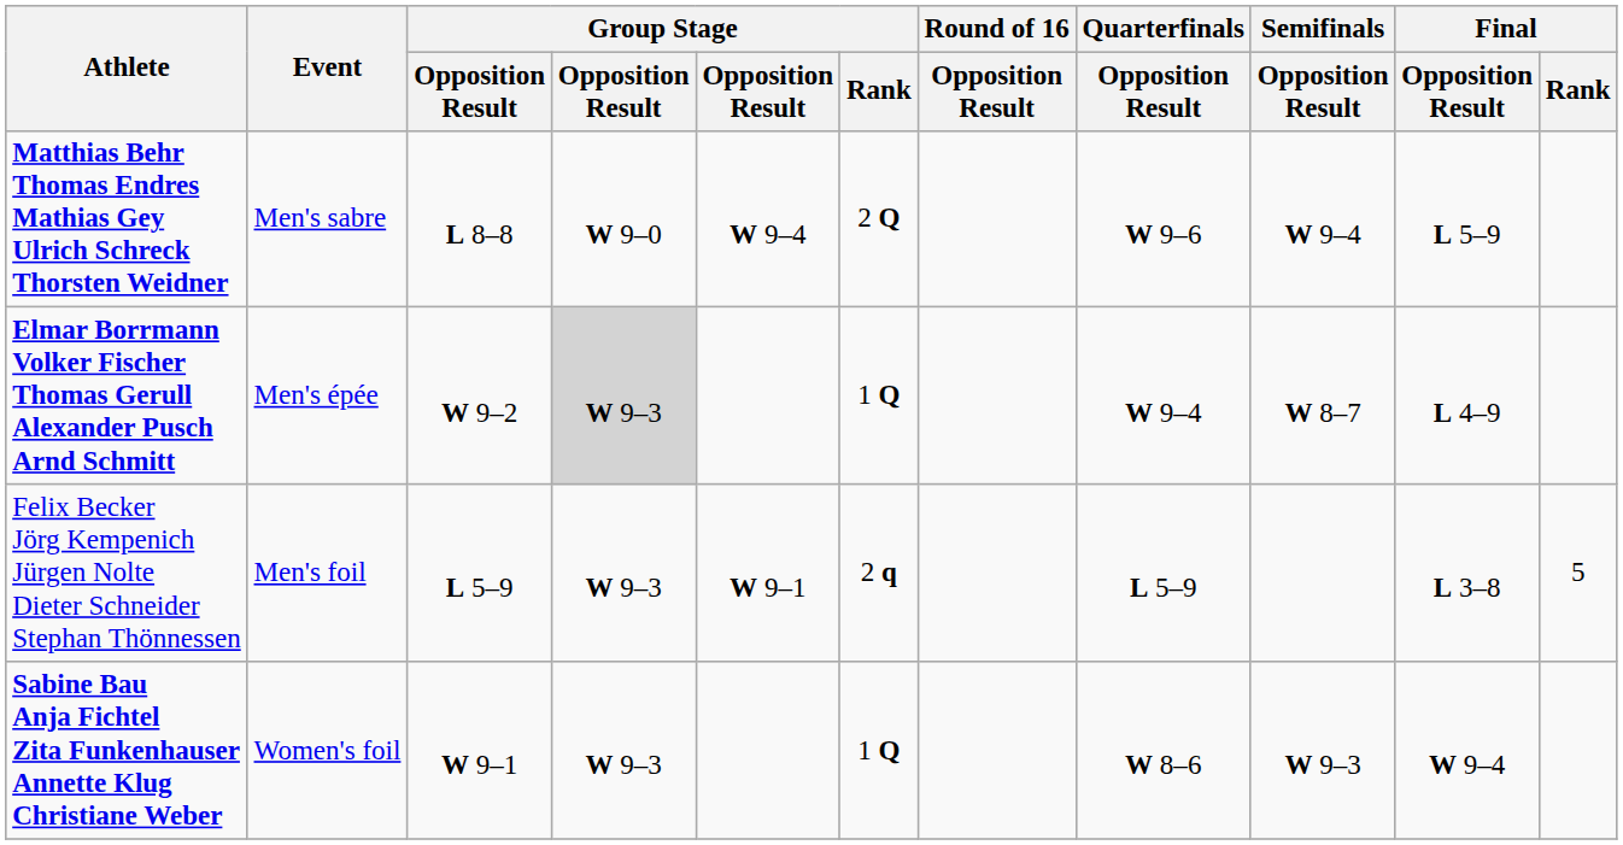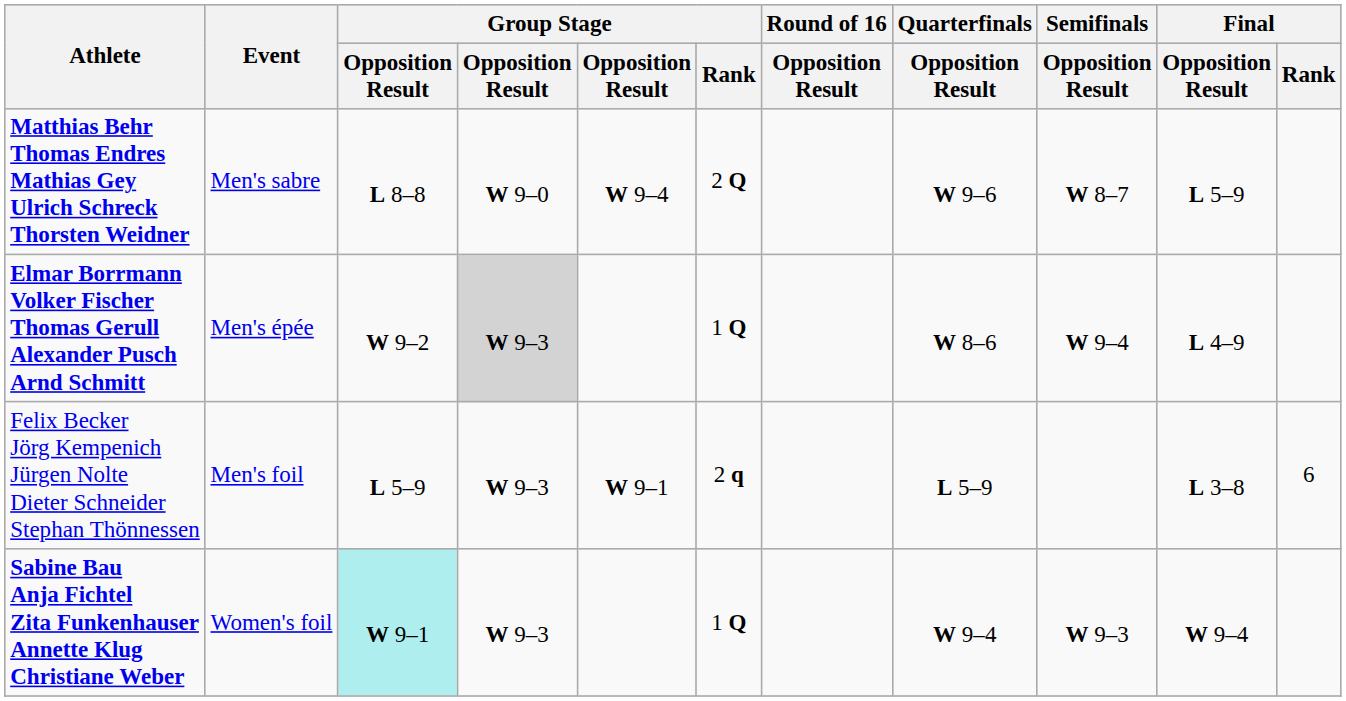 <table class=wikitable style="font-size:90%">
 <tr>
 <th rowspan="2">Athlete</th>
 <th rowspan="2">Event</th>
 <th colspan="4">Group Stage</th>
 <th>Round of 16</th>
 <th>Quarterfinals</th>
 <th>Semifinals</th>
 <th colspan="2">Final</th>
 </tr>
 <tr>
 <th>Opposition<br>Result</th>
 <th>Opposition<br>Result</th>
 <th>Opposition<br>Result</th>
 <th>Rank</th>
 <th>Opposition<br>Result</th>
 <th>Opposition<br>Result</th>
 <th>Opposition<br>Result</th>
 <th>Opposition<br>Result</th>
 <th>Rank</th>
 </tr>
 <tr align=center>
 <td align=left><strong><a href='#'>Matthias Behr</a><br><a href='#'>Thomas Endres</a><br><a href='#'>Mathias Gey</a><br><a href='#'>Ulrich Schreck</a><br><a href='#'>Thorsten Weidner</a></strong></td>
 <td align=left><a href='#'>Men's sabre</a></td>
 <td><br><strong>L</strong> 8–8</td>
 <td><br><strong>W</strong> 9–0</td>
 <td><br><strong>W</strong> 9–4</td>
 <td>2 <strong>Q</strong></td>
 <td></td>
 <td><br><strong>W</strong> 9–6</td>
-<td><br><strong>W</strong> 9–4</td>
+<td><br><strong>W</strong> 8–7</td>
 <td><br><strong>L</strong> 5–9</td>
 <td></td>
 </tr>
 <tr align=center>
 <td align=left><strong><a href='#'>Elmar Borrmann</a><br><a href='#'>Volker Fischer</a><br><a href='#'>Thomas Gerull</a><br><a href='#'>Alexander Pusch</a><br><a href='#'>Arnd Schmitt</a></strong></td>
 <td align=left><a href='#'>Men's épée</a></td>
 <td><br><strong>W</strong> 9–2</td>
 <td style="background: lightgrey;"><br><strong>W</strong> 9–3</td>
 <td></td>
 <td>1 <strong>Q</strong></td>
 <td></td>
+<td><br><strong>W</strong> 8–6</td>
 <td><br><strong>W</strong> 9–4</td>
-<td><br><strong>W</strong> 8–7</td>
 <td><br><strong>L</strong> 4–9</td>
 <td></td>
 </tr>
 <tr align=center>
 <td align=left><a href='#'>Felix Becker</a><br><a href='#'>Jörg Kempenich</a><br><a href='#'>Jürgen Nolte</a><br><a href='#'>Dieter Schneider</a><br><a href='#'>Stephan Thönnessen</a></td>
 <td align=left><a href='#'>Men's foil</a></td>
 <td><br><strong>L</strong> 5–9</td>
 <td><br><strong>W</strong> 9–3</td>
 <td><br><strong>W</strong> 9–1</td>
 <td>2 <strong>q</strong></td>
 <td></td>
 <td><br><strong>L</strong> 5–9</td>
 <td></td>
 <td><br><strong>L</strong> 3–8</td>
-<td>5</td>
+<td>6</td>
 </tr>
 <tr align=center>
 <td align=left><strong><a href='#'>Sabine Bau</a><br><a href='#'>Anja Fichtel</a><br><a href='#'>Zita Funkenhauser</a><br><a href='#'>Annette Klug</a><br><a href='#'>Christiane Weber</a></strong></td>
 <td align=left><a href='#'>Women's foil</a></td>
-<td><br><strong>W</strong> 9–1</td>
+<td style="background: paleturquoise;"><br><strong>W</strong> 9–1</td>
 <td><br><strong>W</strong> 9–3</td>
 <td></td>
 <td>1 <strong>Q</strong></td>
 <td></td>
-<td><br><strong>W</strong> 8–6</td>
+<td><br><strong>W</strong> 9–4</td>
 <td><br><strong>W</strong> 9–3</td>
 <td><br><strong>W</strong> 9–4</td>
 <td></td>
 </tr>
 </table>
